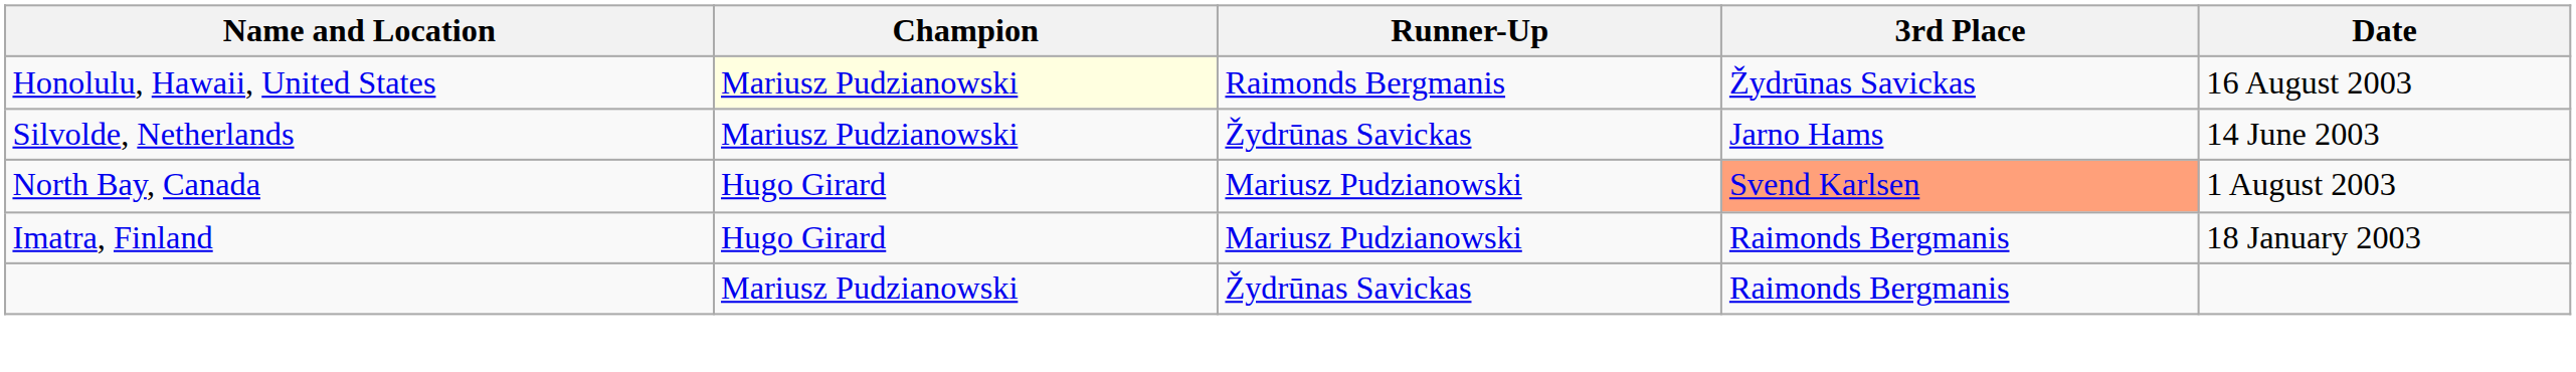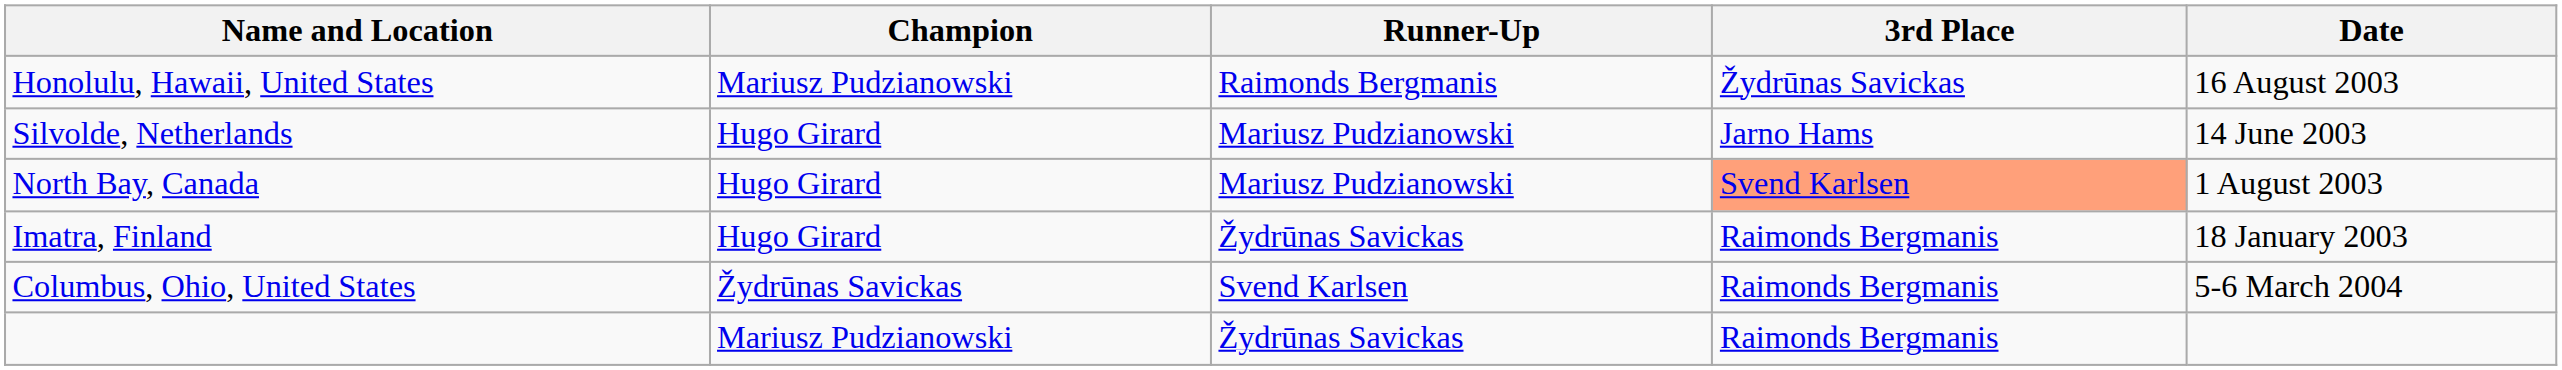 <table class="wikitable" style="display: inline-table;width: 100%;">
 <tr>
 <th>Name and Location</th>
 <th>Champion</th>
 <th>Runner-Up</th>
 <th>3rd Place</th>
 <th>Date</th>
 </tr>
 <tr>
 <td> <a href='#'>Honolulu</a>, <a href='#'>Hawaii</a>, <a href='#'>United States</a> <br> </td>
-<td style="background: lightyellow;"> <a href='#'>Mariusz Pudzianowski</a></td>
+<td> <a href='#'>Mariusz Pudzianowski</a></td>
 <td> <a href='#'>Raimonds Bergmanis</a></td>
 <td> <a href='#'>Žydrūnas Savickas</a></td>
 <td>16 August 2003</td>
 </tr>
 <tr>
 <td> <a href='#'>Silvolde</a>, <a href='#'>Netherlands</a> <br> </td>
+<td> <a href='#'>Hugo Girard</a></td>
 <td> <a href='#'>Mariusz Pudzianowski</a></td>
-<td> <a href='#'>Žydrūnas Savickas</a></td>
 <td> <a href='#'>Jarno Hams</a></td>
 <td>14 June 2003</td>
 </tr>
 <tr>
 <td> <a href='#'>North Bay</a>, <a href='#'>Canada</a> <br> </td>
 <td> <a href='#'>Hugo Girard</a></td>
 <td> <a href='#'>Mariusz Pudzianowski</a></td>
 <td style="background: lightsalmon;"> <a href='#'>Svend Karlsen</a></td>
 <td>1 August 2003</td>
 </tr>
 <tr>
 <td> <a href='#'>Imatra</a>, <a href='#'>Finland</a> <br> </td>
 <td> <a href='#'>Hugo Girard</a></td>
-<td> <a href='#'>Mariusz Pudzianowski</a></td>
+<td> <a href='#'>Žydrūnas Savickas</a></td>
 <td> <a href='#'>Raimonds Bergmanis</a></td>
 <td>18 January 2003</td>
+</tr>
+<tr>
+<td> <a href='#'> Columbus</a>, <a href='#'>Ohio</a>, <a href='#'>United States</a> <br> </td>
+<td> <a href='#'>Žydrūnas Savickas</a></td>
+<td> <a href='#'>Svend Karlsen</a></td>
+<td> <a href='#'>Raimonds Bergmanis</a></td>
+<td>5-6 March 2004</td>
 </tr>
 <tr>
 <td></td>
 <td> <a href='#'>Mariusz Pudzianowski</a></td>
 <td> <a href='#'>Žydrūnas Savickas</a></td>
 <td> <a href='#'>Raimonds Bergmanis</a></td>
 <td></td>
 </tr>
 </table>
